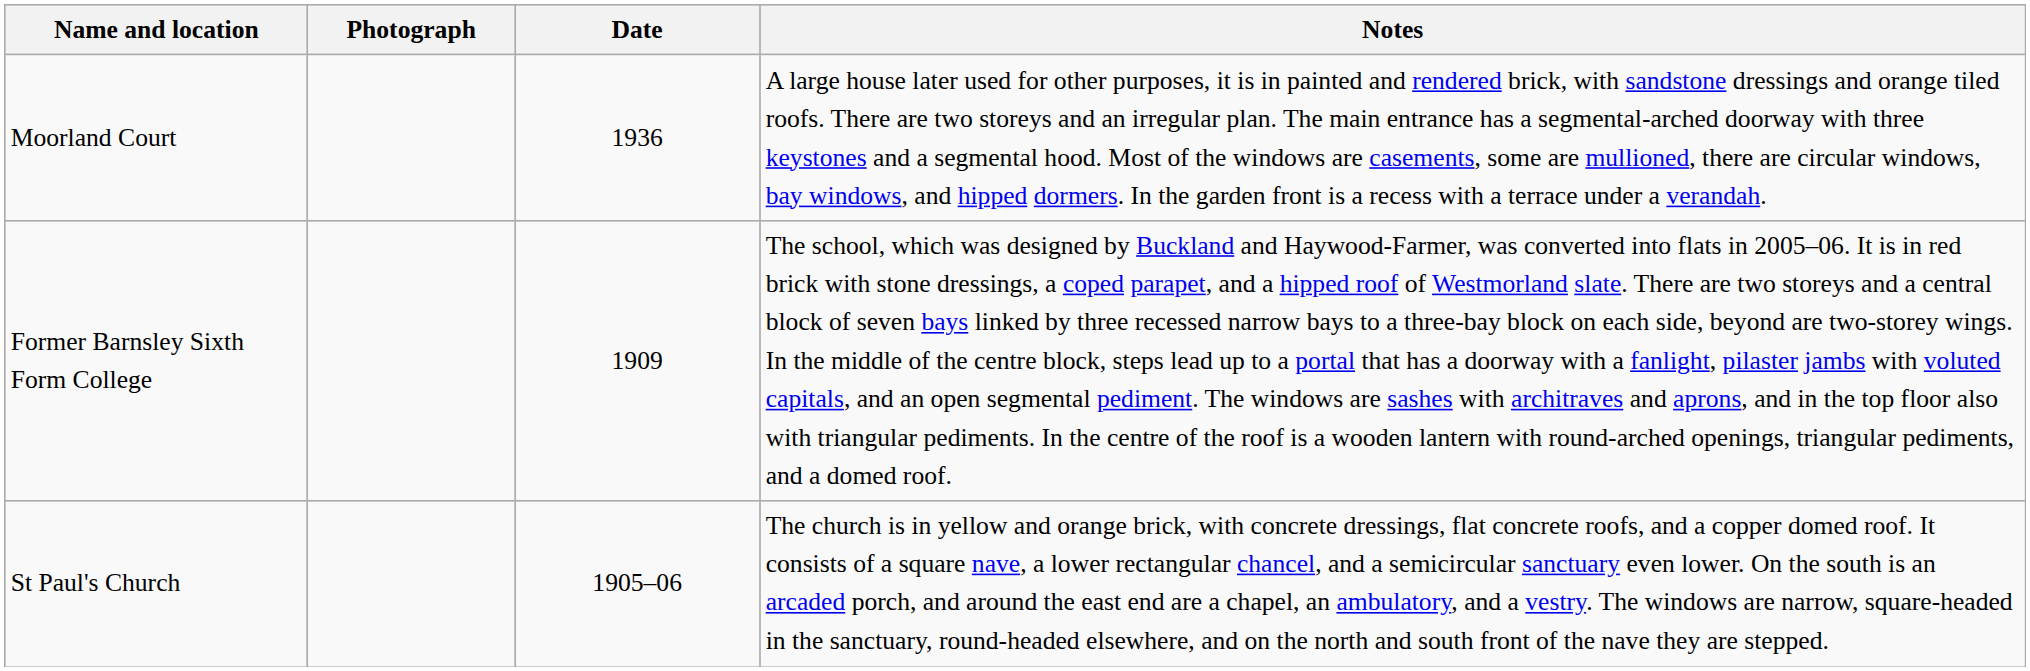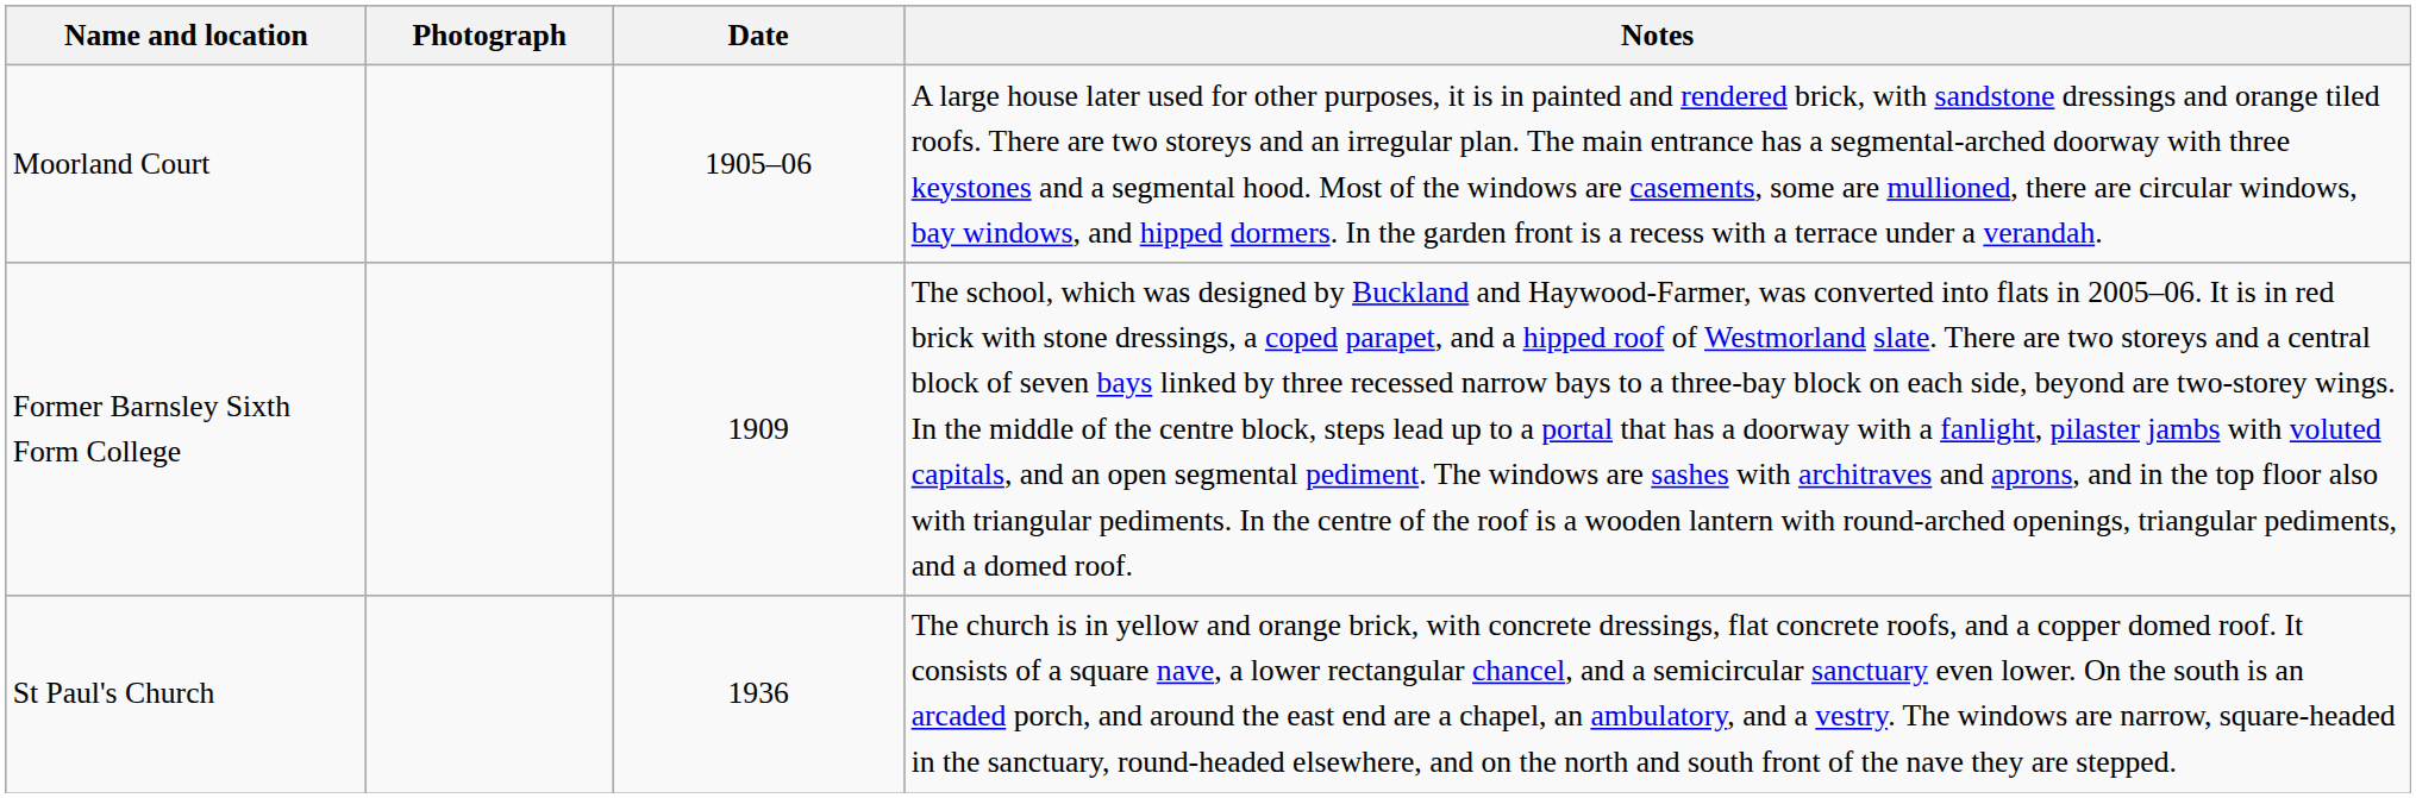 <table class="wikitable sortable plainrowheaders" style="width:100%;border:0px;text-align:left;line-height:150%;">
 <tr>
 <th scope="col"  style="width:150px">Name and location</th>
 <th scope="col"  style="width:100px" class="unsortable">Photograph</th>
 <th scope="col"  style="width:120px">Date</th>
 <th scope="col"  style="width:650px" class="unsortable">Notes</th>
 </tr>
 <tr>
 <td>Moorland Court<br><small></small></td>
 <td></td>
-<td align="center">1936</td>
+<td align="center">1905–06</td>
 <td>A large house later used for other purposes, it is in painted and <a href='#'>rendered</a> brick, with <a href='#'>sandstone</a> dressings and orange tiled roofs.  There are two storeys and an irregular plan.  The main entrance has a segmental-arched doorway with three <a href='#'>keystones</a> and a segmental hood.  Most of the windows are <a href='#'>casements</a>, some are <a href='#'>mullioned</a>, there are circular windows, <a href='#'>bay windows</a>, and <a href='#'>hipped</a> <a href='#'>dormers</a>.  In the garden front is a recess with a terrace under a <a href='#'>verandah</a>.</td>
 </tr>
 <tr>
 <td>Former Barnsley Sixth Form College<br><small></small></td>
 <td></td>
 <td align="center">1909</td>
 <td>The school, which was designed by <a href='#'>Buckland</a> and Haywood-Farmer, was converted into flats in 2005–06.  It is in red brick with stone dressings, a <a href='#'>coped</a> <a href='#'>parapet</a>, and a <a href='#'>hipped roof</a> of <a href='#'>Westmorland</a> <a href='#'>slate</a>.  There are two storeys and a central block of seven <a href='#'>bays</a> linked by three recessed narrow bays to a three-bay block on each side, beyond are two-storey wings.  In the middle of the centre block, steps lead up to a <a href='#'>portal</a> that has a doorway with a <a href='#'>fanlight</a>, <a href='#'>pilaster</a> <a href='#'>jambs</a> with <a href='#'>voluted</a> <a href='#'>capitals</a>, and an open segmental <a href='#'>pediment</a>.  The windows are <a href='#'>sashes</a> with <a href='#'>architraves</a> and <a href='#'>aprons</a>, and in the top floor also with triangular pediments.  In the centre of the roof is a wooden lantern with round-arched openings, triangular pediments, and a domed roof.</td>
 </tr>
 <tr>
 <td>St Paul's Church<br><small></small></td>
 <td></td>
-<td align="center">1905–06</td>
+<td align="center">1936</td>
 <td>The church is in yellow and orange brick, with concrete dressings, flat concrete roofs, and a copper domed roof.  It consists of a square <a href='#'>nave</a>, a lower rectangular <a href='#'>chancel</a>, and a semicircular <a href='#'>sanctuary</a> even lower.  On the south is an <a href='#'>arcaded</a> porch, and around the east end are a chapel, an <a href='#'>ambulatory</a>, and a <a href='#'>vestry</a>.  The windows are narrow, square-headed in the sanctuary, round-headed elsewhere, and on the north and south front of the nave they are stepped.</td>
 </tr>
 <tr>
 </tr>
 </table>
